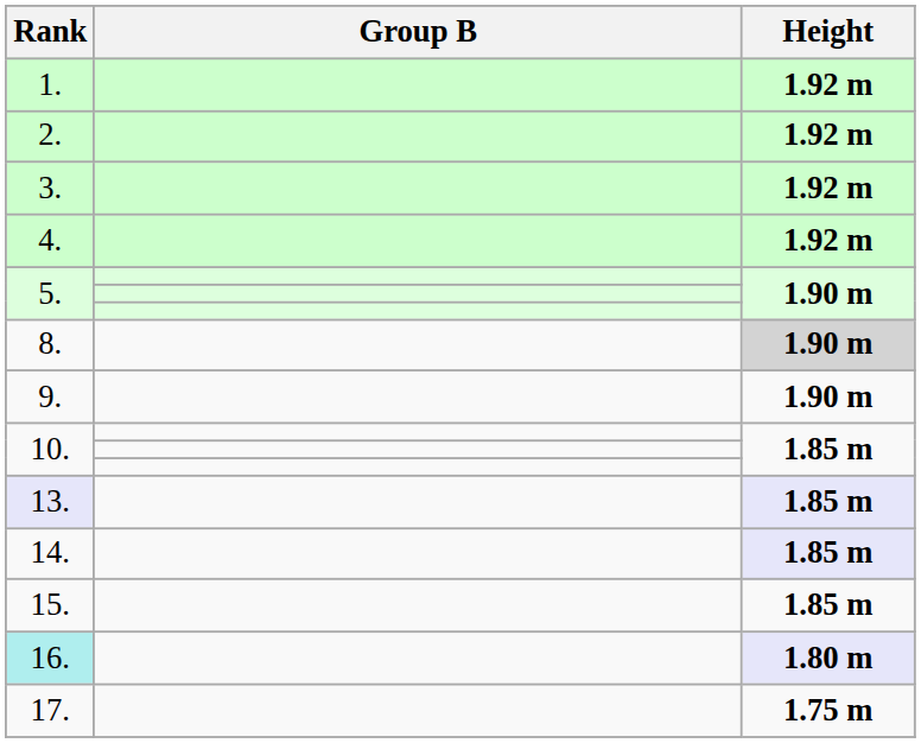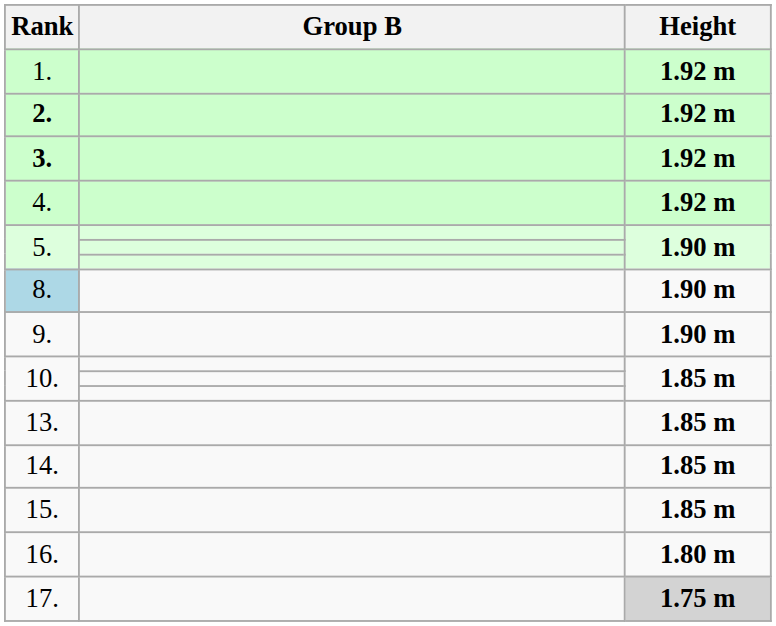 <table class="wikitable" style="border-collapse: collapse; font-size: 90%;">
 <tr>
 <th>Rank</th>
 <th style="width: 20em">Group B</th>
 <th style="width: 5em">Height</th>
 </tr>
 <tr style="background:#ccffcc;">
 <td align="center">1.</td>
 <td></td>
 <td align="center"><strong>1.92 m</strong></td>
 </tr>
 <tr style="background:#ccffcc;">
-<td align="center">2.</td>
+<td align="center"><strong>2.</strong></td>
 <td></td>
 <td align="center"><strong>1.92 m</strong></td>
 </tr>
 <tr style="background:#ccffcc;">
-<td align="center">3.</td>
+<td align="center"><strong>3.</strong></td>
 <td></td>
 <td align="center"><strong>1.92 m</strong></td>
 </tr>
 <tr style="background:#ccffcc;">
 <td align="center">4.</td>
 <td></td>
 <td align="center"><strong>1.92 m</strong></td>
 </tr>
 <tr style="background:#ddffdd;">
 <td rowspan=3 align="center">5.</td>
 <td></td>
 <td rowspan=3 align="center"><strong>1.90 m</strong></td>
 </tr>
 <tr style="background:#ddffdd;">
 <td></td>
 </tr>
 <tr style="background:#ddffdd;">
 <td></td>
 </tr>
 <tr>
-<td align="center">8.</td>
+<td align="center" style="background: lightblue;">8.</td>
 <td></td>
-<td align="center" style="background: lightgrey;"><strong>1.90 m</strong></td>
+<td align="center"><strong>1.90 m</strong></td>
 </tr>
 <tr>
 <td align="center">9.</td>
 <td></td>
 <td align="center"><strong>1.90 m</strong></td>
 </tr>
 <tr>
 <td rowspan=3 align="center">10.</td>
 <td></td>
 <td rowspan=3 align="center"><strong>1.85 m</strong></td>
 </tr>
 <tr>
 <td></td>
 </tr>
 <tr>
 <td></td>
 </tr>
 <tr>
-<td align="center" style="background: lavender;">13.</td>
+<td align="center">13.</td>
 <td></td>
-<td align="center" style="background: lavender;"><strong>1.85 m</strong></td>
+<td align="center"><strong>1.85 m</strong></td>
 </tr>
 <tr>
 <td align="center">14.</td>
 <td></td>
-<td align="center" style="background: lavender;"><strong>1.85 m</strong></td>
+<td align="center"><strong>1.85 m</strong></td>
 </tr>
 <tr>
 <td align="center">15.</td>
 <td></td>
 <td align="center"><strong>1.85 m</strong></td>
 </tr>
 <tr>
-<td align="center" style="background: paleturquoise;">16.</td>
+<td align="center">16.</td>
 <td></td>
-<td align="center" style="background: lavender;"><strong>1.80 m</strong></td>
+<td align="center"><strong>1.80 m</strong></td>
 </tr>
 <tr>
 <td align="center">17.</td>
 <td></td>
-<td align="center"><strong>1.75 m</strong></td>
+<td align="center" style="background: lightgrey;"><strong>1.75 m</strong></td>
 </tr>
 </table>
